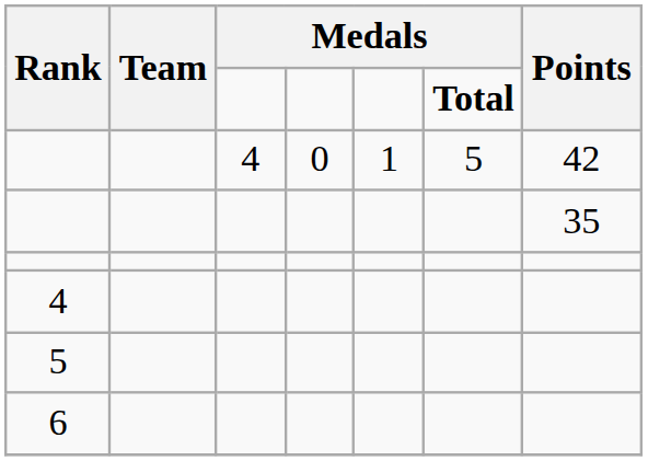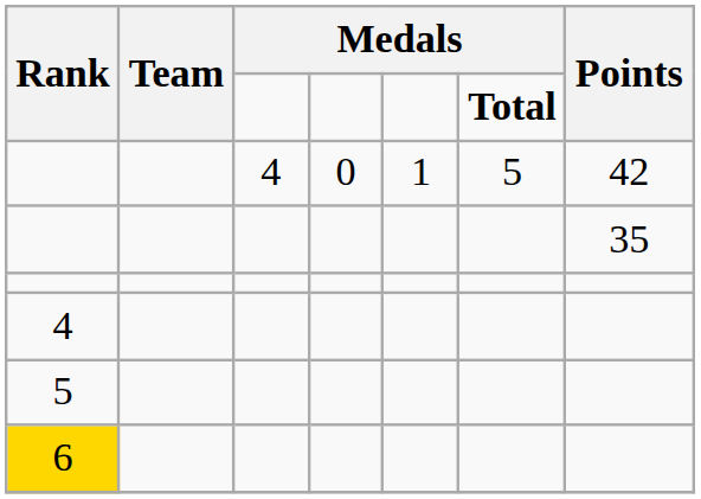 <table class="wikitable" style="text-align:center; font-size:90%;">
 <tr>
 <th rowspan=2>Rank</th>
 <th rowspan=2>Team</th>
 <th colspan=4>Medals</th>
 <th rowspan=2>Points</th>
 </tr>
 <tr>
 <td width=20px></td>
 <td width=20px></td>
 <td width=20px></td>
 <td><strong>Total</strong></td>
 </tr>
 <tr>
 <td></td>
 <td align=left></td>
 <td>4</td>
 <td>0</td>
 <td>1</td>
 <td>5</td>
 <td>42</td>
 </tr>
 <tr>
 <td></td>
 <td align=left></td>
 <td></td>
 <td></td>
 <td></td>
 <td></td>
 <td>35</td>
 </tr>
 <tr>
 <td></td>
 <td align=left><strong></strong></td>
 <td></td>
 <td></td>
 <td></td>
 <td></td>
 <td></td>
 </tr>
 <tr>
 <td>4</td>
 <td align=left></td>
 <td></td>
 <td></td>
 <td></td>
 <td></td>
 <td></td>
 </tr>
 <tr>
 <td>5</td>
 <td align=left></td>
 <td></td>
 <td></td>
 <td></td>
 <td></td>
 <td></td>
 </tr>
 <tr>
-<td>6</td>
+<td style="background: gold;">6</td>
 <td align=left></td>
 <td></td>
 <td></td>
 <td></td>
 <td></td>
 <td></td>
 </tr>
 <tr>
 </tr>
 </table>
